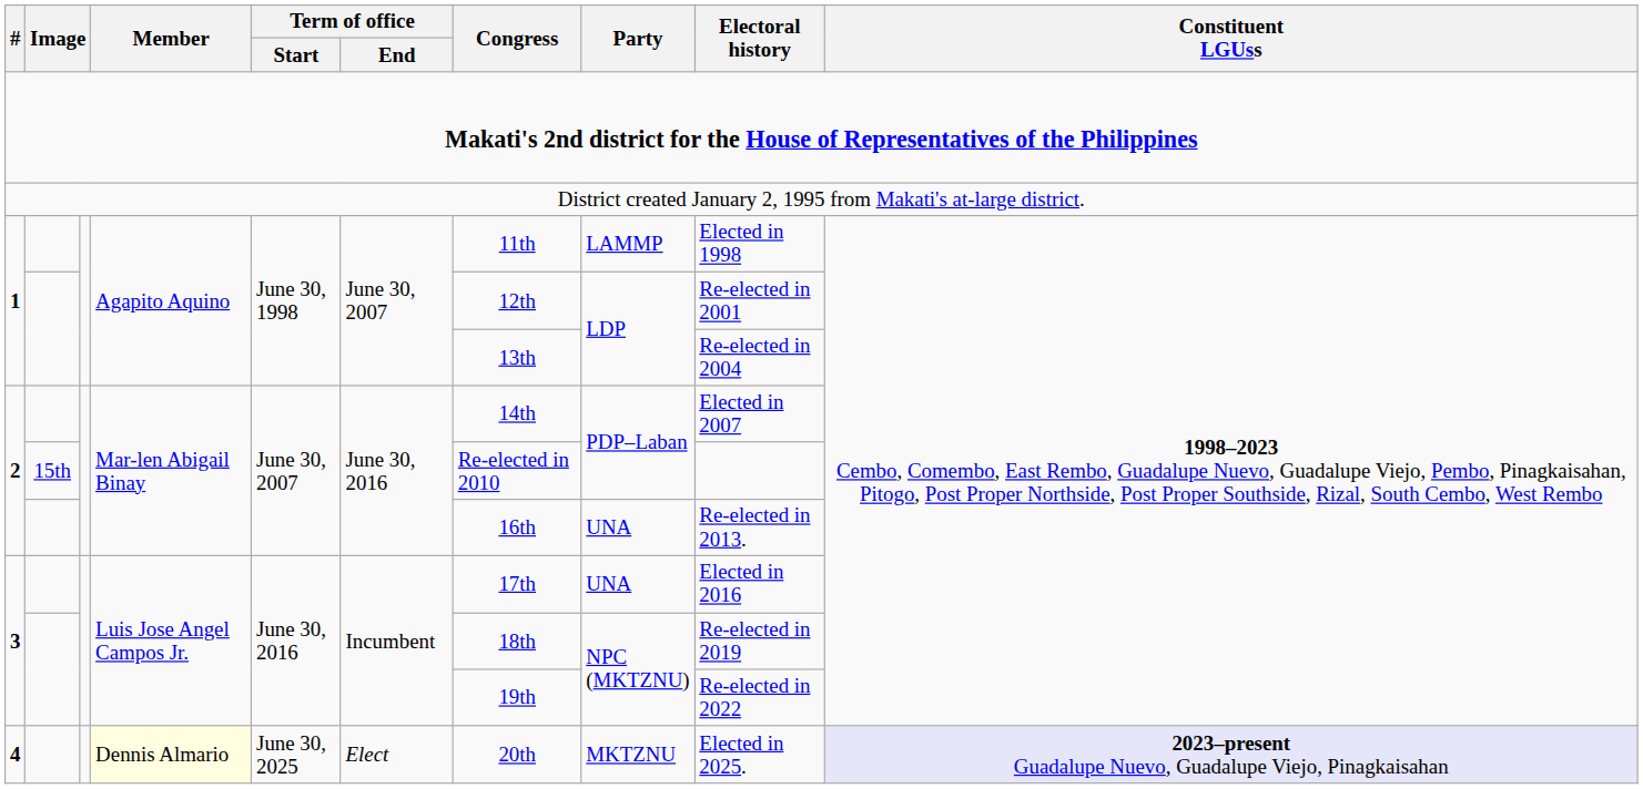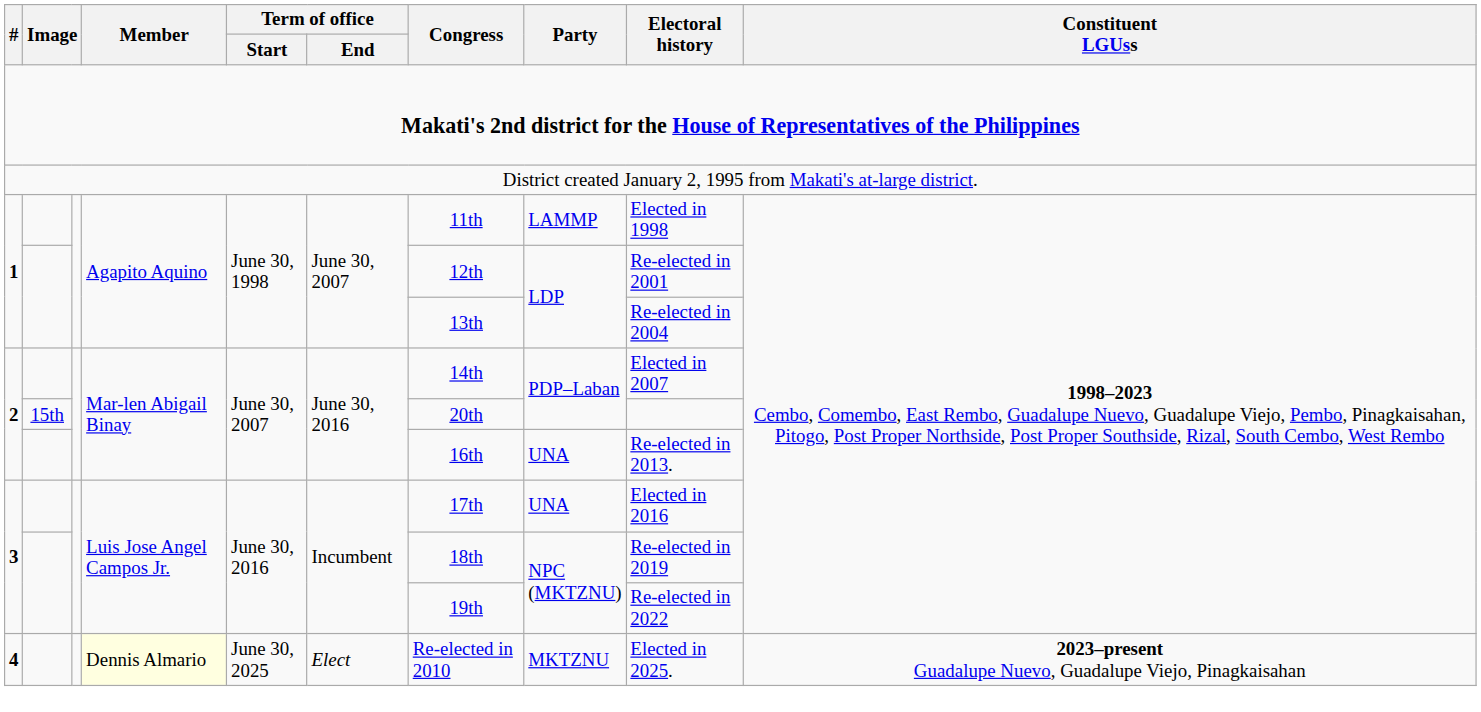 <table class=wikitable>
 <tr>
 <th rowspan="2">#</th>
 <th rowspan="2" colspan=2>Image</th>
 <th rowspan="2">Member</th>
 <th colspan=2>Term of office</th>
 <th rowspan="2">Congress</th>
 <th rowspan="2">Party</th>
 <th rowspan="2">Electoral history</th>
 <th rowspan="2">Constituent<br><a href='#'>LGUs</a>s</th>
 </tr>
 <tr>
 <th>Start</th>
 <th>End</th>
 </tr>
 <tr>
 <td colspan="10" style="text-align:center;"><br><h3>Makati's 2nd district for the <a href='#'>House of Representatives of the Philippines</a></h3></td>
 </tr>
 <tr>
 <td colspan="10" style="text-align:center;">District created January 2, 1995 from <a href='#'>Makati's at-large district</a>.</td>
 </tr>
 <tr>
 <td rowspan="3" style="text-align:center;"><strong>1</strong></td>
 <td style="color:inherit;background:"></td>
 <td rowspan="3"></td>
 <td rowspan="3"><a href='#'>Agapito Aquino</a><br></td>
 <td rowspan="3">June 30, 1998</td>
 <td rowspan="3">June 30, 2007</td>
 <td style="text-align:center;"><a href='#'>11th</a></td>
 <td><a href='#'>LAMMP</a></td>
 <td><a href='#'>Elected in 1998</a></td>
 <td rowspan="9" style="text-align:center;"><strong>1998–2023</strong><br><a href='#'>Cembo</a>, <a href='#'>Comembo</a>, <a href='#'>East Rembo</a>, <a href='#'>Guadalupe Nuevo</a>, Guadalupe Viejo, <a href='#'>Pembo</a>, Pinagkaisahan, <a href='#'>Pitogo</a>, <a href='#'>Post Proper Northside</a>, <a href='#'>Post Proper Southside</a>, <a href='#'>Rizal</a>, <a href='#'>South Cembo</a>, <a href='#'>West Rembo</a></td>
 </tr>
 <tr>
 <td rowspan="2" style="color:inherit;background:"></td>
 <td style="text-align:center;"><a href='#'>12th</a></td>
 <td rowspan="2"><a href='#'>LDP</a></td>
 <td><a href='#'>Re-elected in 2001</a></td>
 </tr>
 <tr>
 <td style="text-align:center;"><a href='#'>13th</a></td>
 <td><a href='#'>Re-elected in 2004</a></td>
 </tr>
 <tr>
 <td rowspan="3" style="text-align:center;"><strong>2</strong></td>
 <td style="background:"></td>
 <td rowspan="3"></td>
 <td rowspan="3"><a href='#'>Mar-len Abigail Binay</a><br></td>
 <td rowspan="3">June 30, 2007</td>
 <td rowspan="3">June 30, 2016</td>
 <td style="text-align:center;"><a href='#'>14th</a></td>
 <td rowspan="2"><a href='#'>PDP–Laban</a></td>
 <td><a href='#'>Elected in 2007</a></td>
 </tr>
 <tr>
 <td style="text-align:center;"><a href='#'>15th</a></td>
-<td><a href='#'>Re-elected in 2010</a></td>
+<td style="text-align:center;"><a href='#'>20th</a></td>
 </tr>
 <tr>
 <td style="color:inherit;background:"></td>
 <td style="text-align:center;"><a href='#'>16th</a></td>
 <td><a href='#'>UNA</a></td>
 <td><a href='#'>Re-elected in 2013</a>.</td>
 </tr>
 <tr>
 <td rowspan="3" style="text-align:center;"><strong>3</strong></td>
 <td style="color:inherit;background:"></td>
 <td rowspan="3"></td>
 <td rowspan="3"><a href='#'>Luis Jose Angel Campos Jr.</a><br></td>
 <td rowspan="3">June 30, 2016</td>
 <td rowspan="3">Incumbent</td>
 <td style="text-align:center;"><a href='#'>17th</a></td>
 <td><a href='#'>UNA</a></td>
 <td><a href='#'>Elected in 2016</a></td>
 </tr>
 <tr>
 <td rowspan="2" style="color:inherit;background:"></td>
 <td style="text-align:center;"><a href='#'>18th</a></td>
 <td rowspan="2"><a href='#'>NPC</a><br>(<a href='#'>MKTZNU</a>)</td>
 <td><a href='#'>Re-elected in 2019</a></td>
 </tr>
 <tr>
 <td style="text-align:center;"><a href='#'>19th</a></td>
 <td><a href='#'>Re-elected in 2022</a></td>
 </tr>
 <tr>
 <td style="text-align:center;"><strong>4</strong></td>
 <td style="color:inherit;background:"></td>
 <td></td>
 <td style="background: lightyellow;">Dennis Almario<br></td>
 <td>June 30, 2025</td>
 <td><em>Elect</em></td>
-<td style="text-align:center;"><a href='#'>20th</a></td>
+<td><a href='#'>Re-elected in 2010</a></td>
 <td><a href='#'>MKTZNU</a></td>
 <td><a href='#'>Elected in 2025</a>.</td>
-<td style="background: lavender; text-align:center;"><strong>2023–present</strong><br><a href='#'>Guadalupe Nuevo</a>, Guadalupe Viejo, Pinagkaisahan</td>
+<td style="text-align:center;"><strong>2023–present</strong><br><a href='#'>Guadalupe Nuevo</a>, Guadalupe Viejo, Pinagkaisahan</td>
 </tr>
 </table>
